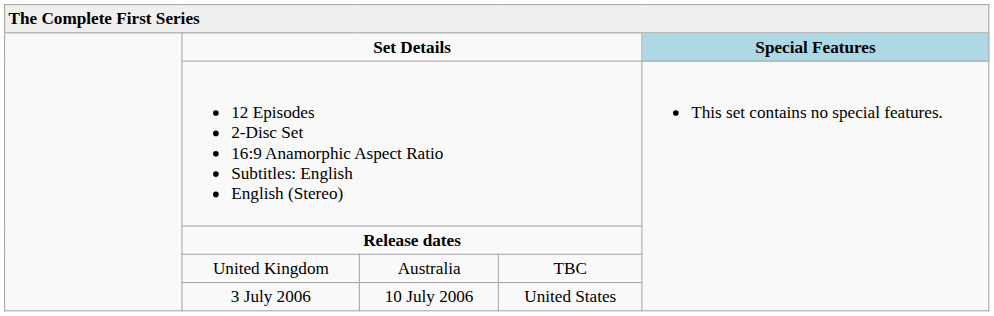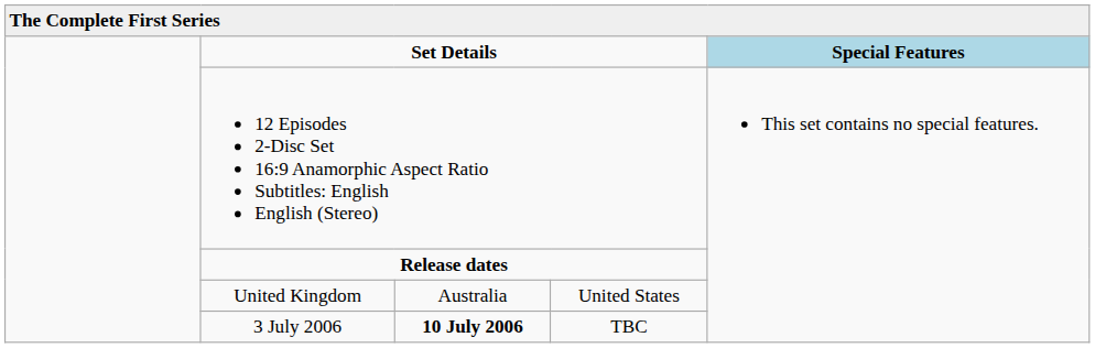 <table class="wikitable" style="font-size: 95%;">
 <tr style="background:#EFEFEF">
 <td colspan="5"><strong>The Complete First Series</strong></td>
 </tr>
 <tr>
 <td rowspan="5" align="center" width="150"></td>
 <td align="center" width="150" colspan="3"><strong>Set Details</strong></td>
 <td width="150" align="center" style="background: lightblue;"><strong>Special Features</strong></td>
 </tr>
 <tr valign="top">
 <td colspan="3" align="left" width="400"><br><ul><li>12 Episodes</li><li>2-Disc Set</li><li>16:9 Anamorphic Aspect Ratio</li><li>Subtitles: English</li><li>English (Stereo)</li></ul></td>
 <td rowspan="4" align="left" width="300"><br><ul><li>This set contains no special features.</li></ul></td>
 </tr>
 <tr>
 <td colspan="3" align="center"><strong>Release dates</strong></td>
 </tr>
 <tr>
 <td align="center">United Kingdom</td>
 <td align="center">Australia</td>
-<td align="center">TBC</td>
+<td align="center">United States</td>
 </tr>
 <tr>
 <td align="center">3 July 2006</td>
-<td align="center">10 July 2006</td>
-<td align="center">United States</td>
+<td align="center"><strong>10 July 2006</strong></td>
+<td align="center">TBC</td>
 </tr>
 </table>
